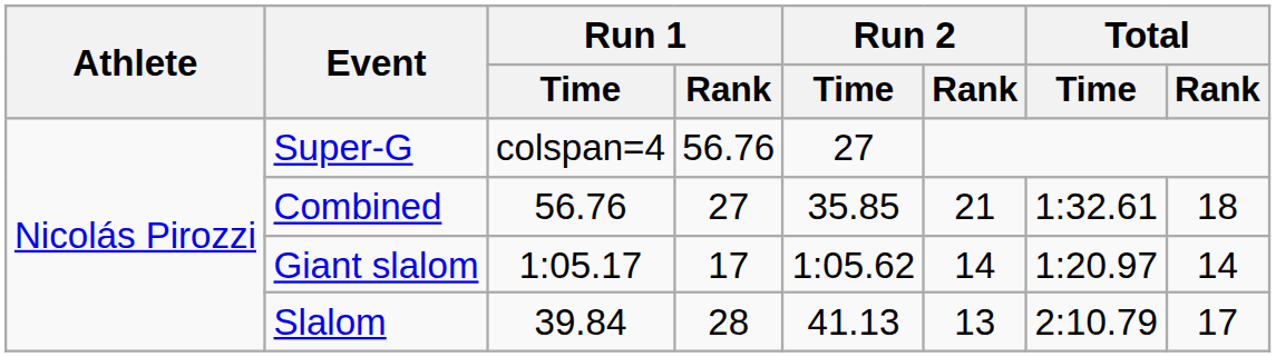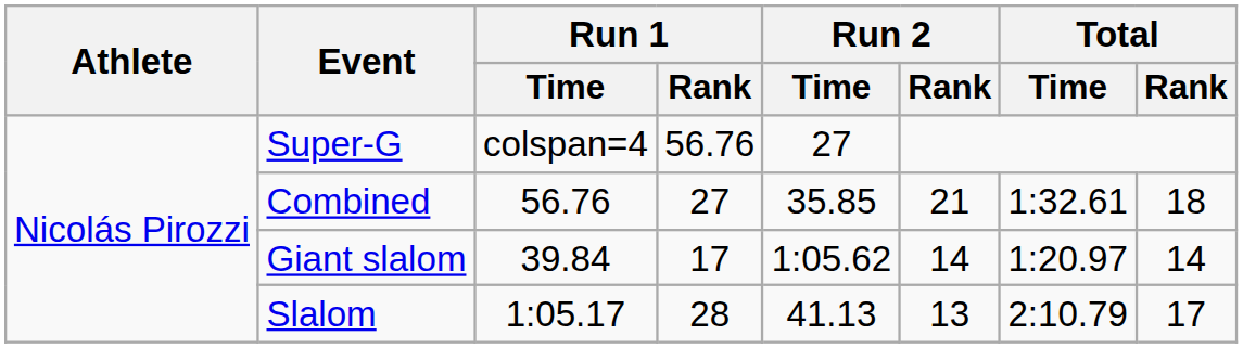 <table class="wikitable" style="font-size:90%">
 <tr>
 <th rowspan=2>Athlete</th>
 <th rowspan=2>Event</th>
 <th colspan=2>Run 1</th>
 <th colspan=2>Run 2</th>
 <th colspan=2>Total</th>
 </tr>
 <tr style="font-size:95%">
 <th>Time</th>
 <th>Rank</th>
 <th>Time</th>
 <th>Rank</th>
 <th>Time</th>
 <th>Rank</th>
 </tr>
 <tr align=center>
 <td align="left" rowspan="4"><a href='#'>Nicolás Pirozzi</a></td>
 <td align="left"><a href='#'>Super-G</a></td>
 <td>colspan=4</td>
 <td>56.76</td>
 <td>27</td>
 </tr>
 <tr align=center>
 <td align="left"><a href='#'>Combined</a></td>
 <td>56.76</td>
 <td>27</td>
 <td>35.85</td>
 <td>21</td>
 <td>1:32.61</td>
 <td>18</td>
 </tr>
 <tr align=center>
 <td align="left"><a href='#'>Giant slalom</a></td>
-<td>1:05.17</td>
+<td>39.84</td>
 <td>17</td>
 <td>1:05.62</td>
 <td>14</td>
 <td>1:20.97</td>
 <td>14</td>
 </tr>
 <tr align=center>
 <td align="left"><a href='#'>Slalom</a></td>
-<td>39.84</td>
+<td>1:05.17</td>
 <td>28</td>
 <td>41.13</td>
 <td>13</td>
 <td>2:10.79</td>
 <td>17</td>
 </tr>
 </table>
